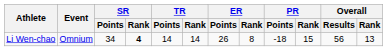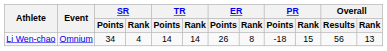 <table class=wikitable style=font-size:90%;text-align:center>
 <tr>
 <th rowspan="2">Athlete</th>
 <th rowspan="2">Event</th>
 <th colspan="2"><a href='#'>SR</a></th>
 <th colspan="2"><a href='#'>TR</a></th>
 <th colspan="2"><a href='#'>ER</a></th>
 <th colspan="2"><a href='#'>PR</a></th>
 <th colspan="2">Overall</th>
 </tr>
 <tr>
 <th>Points</th>
 <th>Rank</th>
 <th>Points</th>
 <th>Rank</th>
 <th>Points</th>
 <th>Rank</th>
 <th>Points</th>
 <th>Rank</th>
 <th>Results</th>
 <th>Rank</th>
 </tr>
 <tr>
 <td align="left"><a href='#'>Li Wen-chao</a></td>
 <td align="left"><a href='#'>Omnium</a></td>
 <td>34</td>
-<td><strong>4</strong></td>
+<td>4</td>
 <td>14</td>
 <td>14</td>
 <td>26</td>
 <td>8</td>
 <td>-18</td>
 <td>15</td>
 <td>56</td>
 <td>13</td>
 </tr>
 </table>
